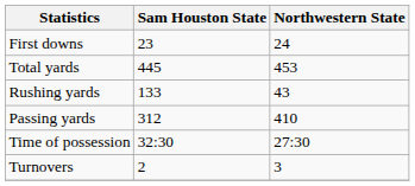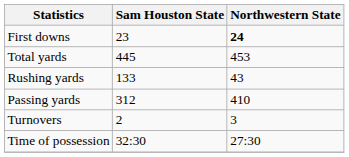 <table class="wikitable">
 <tr>
 <th>Statistics</th>
 <th>Sam Houston State</th>
 <th>Northwestern State</th>
 </tr>
 <tr>
 <td>First downs</td>
 <td>23</td>
-<td>24</td>
+<td><strong>24</strong></td>
 </tr>
 <tr>
 <td>Total yards</td>
 <td>445</td>
 <td>453</td>
 </tr>
 <tr>
 <td>Rushing yards</td>
 <td>133</td>
 <td>43</td>
 </tr>
 <tr>
 <td>Passing yards</td>
 <td>312</td>
 <td>410</td>
 </tr>
 <tr>
+<td>Turnovers</td>
+<td>2</td>
+<td>3</td>
+</tr>
+<tr>
 <td>Time of possession</td>
 <td>32:30</td>
 <td>27:30</td>
 </tr>
 <tr>
-<td>Turnovers</td>
-<td>2</td>
-<td>3</td>
-</tr>
-<tr>
 </tr>
 </table>
